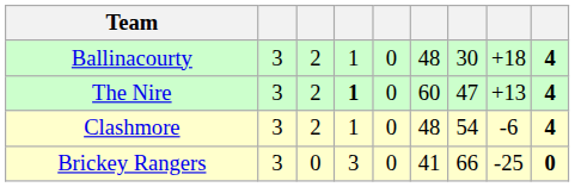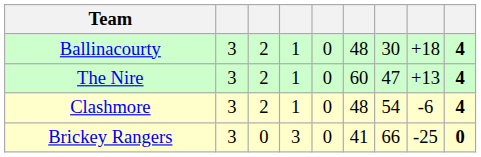 <table class="wikitable" style="text-align:center">
 <tr>
 <th style="width:175px;">Team</th>
 <th width="20"></th>
 <th width="20"></th>
 <th width="20"></th>
 <th width="20"></th>
 <th width="20"></th>
 <th width="20"></th>
 <th width="20"></th>
 <th width="20"></th>
 </tr>
 <tr style="background:#cfc;">
 <td><a href='#'>Ballinacourty</a></td>
 <td>3</td>
 <td>2</td>
 <td>1</td>
 <td>0</td>
 <td>48</td>
 <td>30</td>
 <td>+18</td>
 <td><strong>4</strong></td>
 </tr>
 <tr style="background:#cfc;">
 <td><a href='#'>The Nire</a></td>
 <td>3</td>
 <td>2</td>
-<td><strong>1</strong></td>
+<td>1</td>
 <td>0</td>
 <td>60</td>
 <td>47</td>
 <td>+13</td>
 <td><strong>4</strong></td>
 </tr>
 <tr style="background:#ffffcc;">
 <td><a href='#'>Clashmore</a></td>
 <td>3</td>
 <td>2</td>
 <td>1</td>
 <td>0</td>
 <td>48</td>
 <td>54</td>
 <td>-6</td>
 <td><strong>4</strong></td>
 </tr>
 <tr style="background:#ffffcc;">
 <td><a href='#'>Brickey Rangers</a></td>
 <td>3</td>
 <td>0</td>
 <td>3</td>
 <td>0</td>
 <td>41</td>
 <td>66</td>
 <td>-25</td>
 <td><strong>0</strong></td>
 </tr>
 </table>
